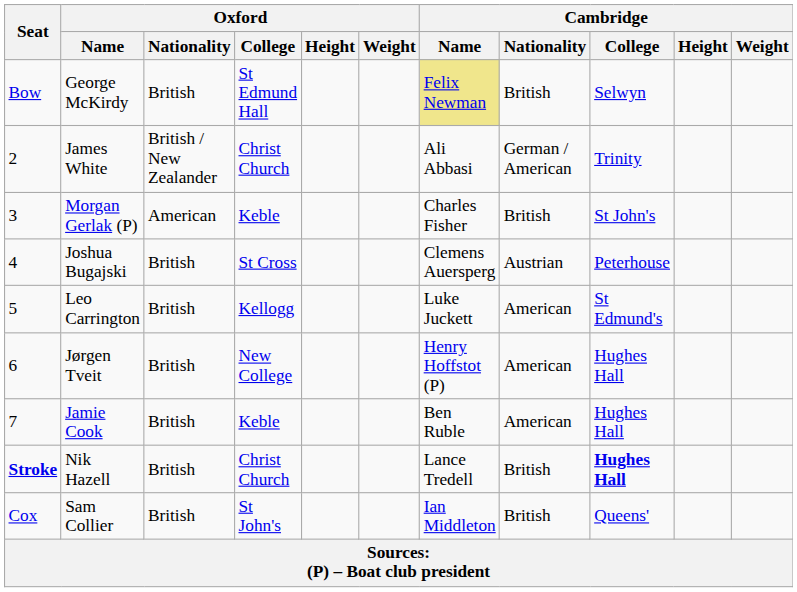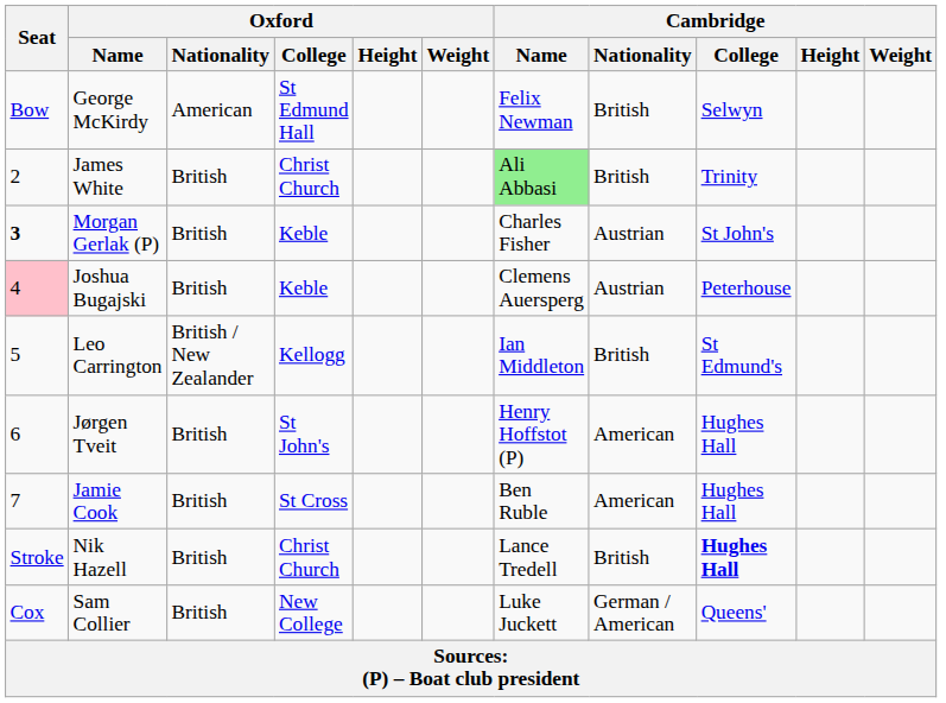 <table class="wikitable">
 <tr>
 <th rowspan="2" scope="col">Seat</th>
 <th colspan="5" scope="col">Oxford <br> </th>
 <th colspan="5" scope="col">Cambridge <br> </th>
 </tr>
 <tr>
 <th>Name</th>
 <th>Nationality</th>
 <th>College</th>
 <th>Height</th>
 <th>Weight</th>
 <th>Name</th>
 <th>Nationality</th>
 <th>College</th>
 <th>Height</th>
 <th>Weight</th>
 </tr>
 <tr>
 <td><a href='#'>Bow</a></td>
 <td>George McKirdy</td>
-<td>British</td>
+<td>American</td>
 <td><a href='#'>St Edmund Hall</a></td>
 <td></td>
 <td></td>
-<td style="background: khaki;"><a href='#'>Felix Newman</a></td>
+<td><a href='#'>Felix Newman</a></td>
 <td>British</td>
 <td><a href='#'>Selwyn</a></td>
 <td></td>
 <td></td>
 </tr>
 <tr>
 <td>2</td>
 <td>James White</td>
-<td>British / New Zealander</td>
+<td>British</td>
 <td><a href='#'>Christ Church</a></td>
 <td></td>
 <td></td>
-<td>Ali Abbasi</td>
-<td>German / American</td>
+<td style="background: lightgreen;">Ali Abbasi</td>
+<td>British</td>
 <td><a href='#'>Trinity</a></td>
 <td></td>
 <td></td>
 </tr>
 <tr>
-<td>3</td>
+<td><strong>3</strong></td>
 <td><a href='#'>Morgan Gerlak</a> (P)</td>
-<td>American</td>
+<td>British</td>
 <td><a href='#'>Keble</a></td>
 <td></td>
 <td></td>
 <td>Charles Fisher</td>
-<td>British</td>
+<td>Austrian</td>
 <td><a href='#'>St John's</a></td>
 <td></td>
 <td></td>
 </tr>
 <tr>
-<td>4</td>
+<td style="background: pink;">4</td>
 <td>Joshua Bugajski</td>
 <td>British</td>
-<td><a href='#'>St Cross</a></td>
+<td><a href='#'>Keble</a></td>
 <td></td>
 <td></td>
 <td>Clemens Auersperg</td>
 <td>Austrian</td>
 <td><a href='#'>Peterhouse</a></td>
 <td></td>
 <td></td>
 </tr>
 <tr>
 <td>5</td>
 <td>Leo Carrington</td>
-<td>British</td>
+<td>British / New Zealander</td>
 <td><a href='#'>Kellogg</a></td>
 <td></td>
 <td></td>
-<td>Luke Juckett</td>
-<td>American</td>
+<td><a href='#'>Ian Middleton</a></td>
+<td>British</td>
 <td><a href='#'>St Edmund's</a></td>
 <td></td>
 <td></td>
 </tr>
 <tr>
 <td>6</td>
 <td>Jørgen Tveit</td>
 <td>British</td>
-<td><a href='#'>New College</a></td>
+<td><a href='#'>St John's</a></td>
 <td></td>
 <td></td>
 <td><a href='#'>Henry Hoffstot</a> (P)</td>
 <td>American</td>
 <td><a href='#'>Hughes Hall</a></td>
 <td></td>
 <td></td>
 </tr>
 <tr>
 <td>7</td>
 <td><a href='#'>Jamie Cook</a></td>
 <td>British</td>
-<td><a href='#'>Keble</a></td>
+<td><a href='#'>St Cross</a></td>
 <td></td>
 <td></td>
 <td>Ben Ruble</td>
 <td>American</td>
 <td><a href='#'>Hughes Hall</a></td>
 <td></td>
 <td></td>
 </tr>
 <tr>
-<td><strong><a href='#'>Stroke</a></strong></td>
+<td><a href='#'>Stroke</a></td>
 <td>Nik Hazell</td>
 <td>British</td>
 <td><a href='#'>Christ Church</a></td>
 <td></td>
 <td></td>
 <td>Lance Tredell</td>
 <td>British</td>
 <td><strong><a href='#'>Hughes Hall</a></strong></td>
 <td></td>
 <td></td>
 </tr>
 <tr>
 <td><a href='#'>Cox</a></td>
 <td>Sam Collier</td>
 <td>British</td>
-<td><a href='#'>St John's</a></td>
+<td><a href='#'>New College</a></td>
 <td></td>
 <td></td>
-<td><a href='#'>Ian Middleton</a></td>
-<td>British</td>
+<td>Luke Juckett</td>
+<td>German / American</td>
 <td><a href='#'>Queens'</a></td>
 <td></td>
 <td></td>
 </tr>
 <tr>
 <th colspan="11">Sources:<br>(P) – Boat club president</th>
 </tr>
 </table>
